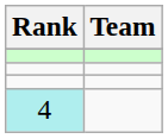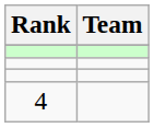 <table class="wikitable" border="1">
 <tr>
 <th>Rank</th>
 <th>Team</th>
 </tr>
 <tr>
 </tr>
 <tr bgcolor=#ccffcc>
 <td align=center></td>
 <td></td>
 </tr>
 <tr>
 <td align=center></td>
 <td></td>
 </tr>
 <tr>
 <td align=center></td>
 <td></td>
 </tr>
 <tr>
-<td align=center style="background: paleturquoise;">4</td>
+<td align=center>4</td>
 <td></td>
 </tr>
 </table>
